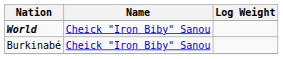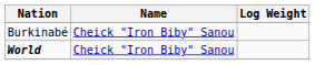 <table class="wikitable" style="display: inline-table">
 <tr>
 <th>Nation</th>
 <th>Name</th>
 <th>Log Weight</th>
 </tr>
 <tr>
 </tr>
 <tr>
-<td><strong><em>World</em></strong></td>
+<td> Burkinabé</td>
 <td><a href='#'>Cheick "Iron Biby" Sanou</a></td>
 <td></td>
 </tr>
 <tr>
-<td> Burkinabé</td>
+<td><strong><em>World</em></strong></td>
 <td><a href='#'>Cheick "Iron Biby" Sanou</a></td>
 <td></td>
 </tr>
 <tr>
 </tr>
 </table>
